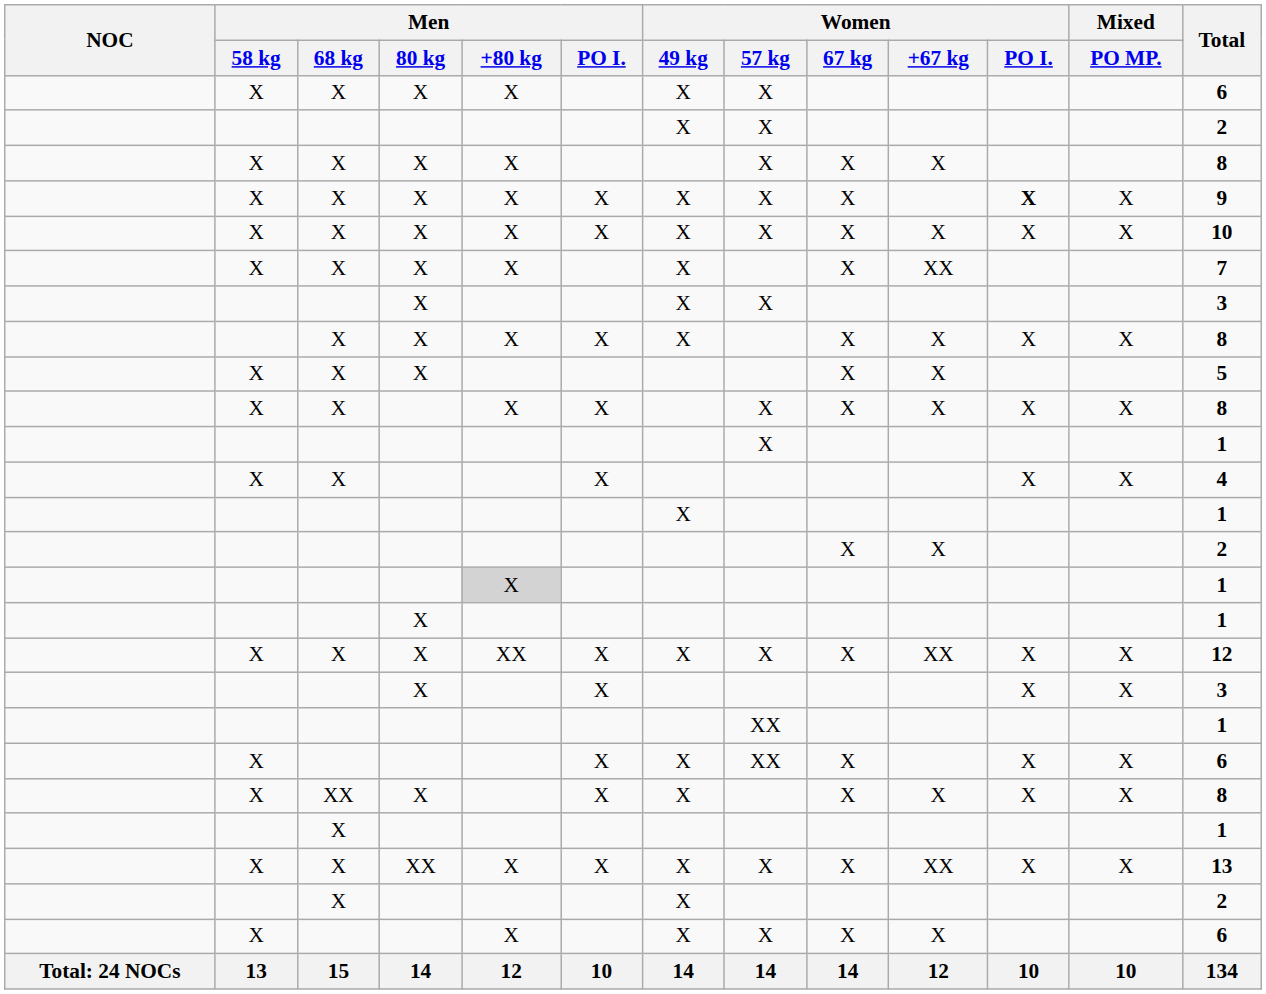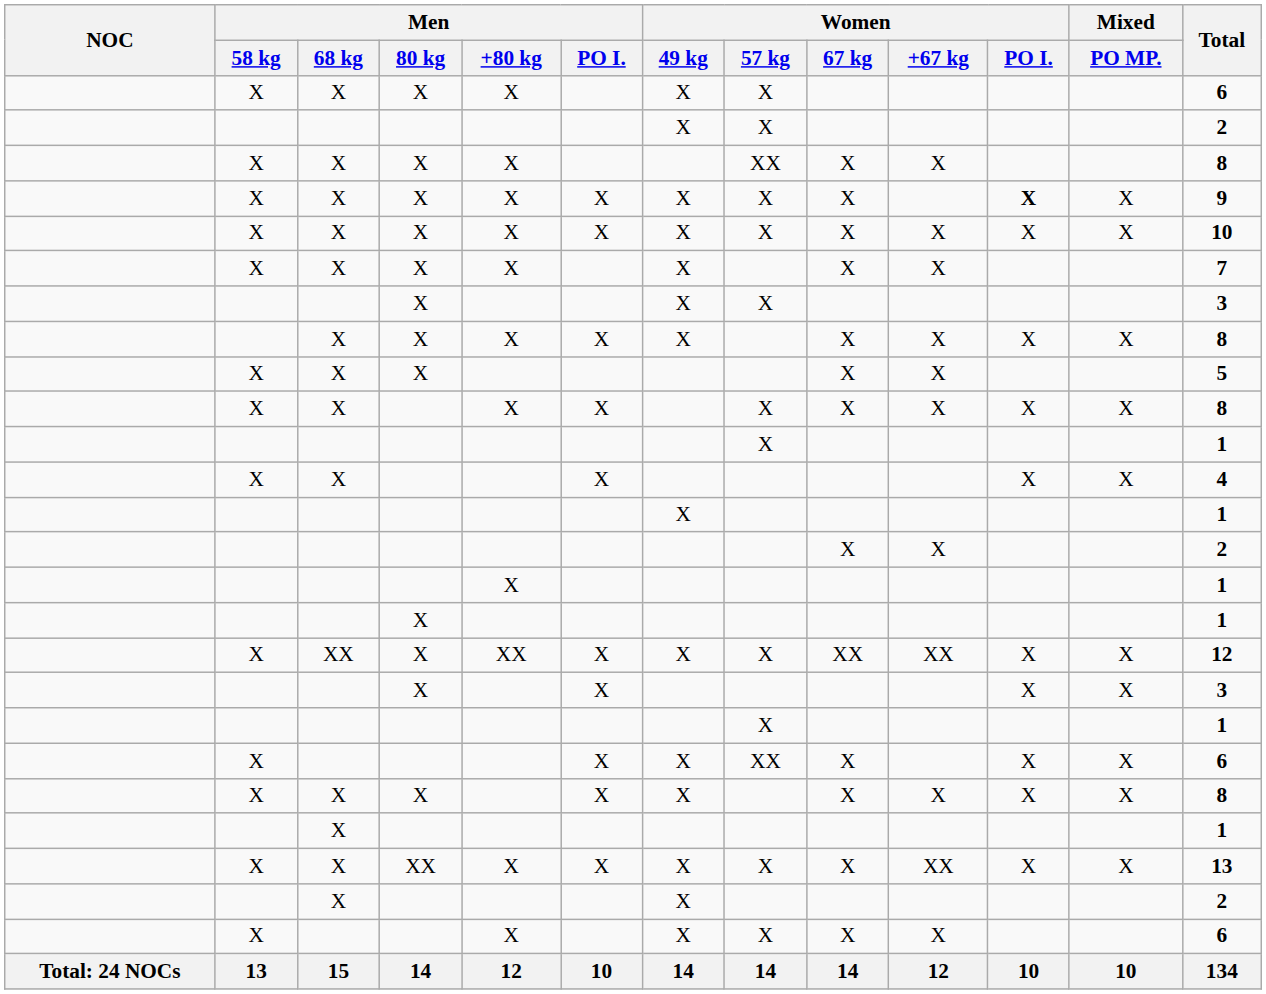 <table class="wikitable" width=850 style="text-align:center; font-size:90%">
 <tr>
 <th rowspan="2" align="left">NOC</th>
 <th colspan="5">Men</th>
 <th colspan="5">Women</th>
 <th colspan="1">Mixed</th>
 <th rowspan="2">Total</th>
 </tr>
 <tr>
 <th><a href='#'>58 kg</a></th>
 <th><a href='#'>68 kg</a></th>
 <th><a href='#'>80 kg</a></th>
 <th><a href='#'>+80 kg</a></th>
 <th><a href='#'>PO I.</a></th>
 <th><a href='#'>49 kg</a></th>
 <th><a href='#'>57 kg</a></th>
 <th><a href='#'>67 kg</a></th>
 <th><a href='#'>+67 kg</a></th>
 <th><a href='#'>PO I.</a></th>
 <th><a href='#'>PO MP.</a></th>
 </tr>
 <tr>
 <td align="left"></td>
 <td>X</td>
 <td>X</td>
 <td>X</td>
 <td>X</td>
 <td></td>
 <td>X</td>
 <td>X</td>
 <td></td>
 <td></td>
 <td></td>
 <td></td>
 <td><strong>6</strong></td>
 </tr>
 <tr>
 <td align="left"></td>
 <td></td>
 <td></td>
 <td></td>
 <td></td>
 <td></td>
 <td>X</td>
 <td>X</td>
 <td></td>
 <td></td>
 <td></td>
 <td></td>
 <td><strong>2</strong></td>
 </tr>
 <tr>
 <td align="left"></td>
 <td>X</td>
 <td>X</td>
 <td>X</td>
 <td>X</td>
 <td></td>
 <td></td>
-<td>X</td>
+<td>XX</td>
 <td>X</td>
 <td>X</td>
 <td></td>
 <td></td>
 <td><strong>8</strong></td>
 </tr>
 <tr>
 <td align="left"></td>
 <td>X</td>
 <td>X</td>
 <td>X</td>
 <td>X</td>
 <td>X</td>
 <td>X</td>
 <td>X</td>
 <td>X</td>
 <td></td>
 <td><strong>X</strong></td>
 <td>X</td>
 <td><strong>9</strong></td>
 </tr>
 <tr>
 <td align="left"></td>
 <td>X</td>
 <td>X</td>
 <td>X</td>
 <td>X</td>
 <td>X</td>
 <td>X</td>
 <td>X</td>
 <td>X</td>
 <td>X</td>
 <td>X</td>
 <td>X</td>
 <td><strong>10</strong></td>
 </tr>
 <tr>
 <td align="left"></td>
 <td>X</td>
 <td>X</td>
 <td>X</td>
 <td>X</td>
 <td></td>
 <td>X</td>
 <td></td>
 <td>X</td>
-<td>XX</td>
+<td>X</td>
 <td></td>
 <td></td>
 <td><strong>7</strong></td>
 </tr>
 <tr>
 <td align="left"></td>
 <td></td>
 <td></td>
 <td>X</td>
 <td></td>
 <td></td>
 <td>X</td>
 <td>X</td>
 <td></td>
 <td></td>
 <td></td>
 <td></td>
 <td><strong>3</strong></td>
 </tr>
 <tr>
 <td align="left"></td>
 <td></td>
 <td>X</td>
 <td>X</td>
 <td>X</td>
 <td>X</td>
 <td>X</td>
 <td></td>
 <td>X</td>
 <td>X</td>
 <td>X</td>
 <td>X</td>
 <td><strong>8</strong></td>
 </tr>
 <tr>
 <td align="left"></td>
 <td>X</td>
 <td>X</td>
 <td>X</td>
 <td></td>
 <td></td>
 <td></td>
 <td></td>
 <td>X</td>
 <td>X</td>
 <td></td>
 <td></td>
 <td><strong>5</strong></td>
 </tr>
 <tr>
 <td align="left"></td>
 <td>X</td>
 <td>X</td>
 <td></td>
 <td>X</td>
 <td>X</td>
 <td></td>
 <td>X</td>
 <td>X</td>
 <td>X</td>
 <td>X</td>
 <td>X</td>
 <td><strong>8</strong></td>
 </tr>
 <tr>
 <td align="left"></td>
 <td></td>
 <td></td>
 <td></td>
 <td></td>
 <td></td>
 <td></td>
 <td>X</td>
 <td></td>
 <td></td>
 <td></td>
 <td></td>
 <td><strong>1</strong></td>
 </tr>
 <tr>
 <td align="left"></td>
 <td>X</td>
 <td>X</td>
 <td></td>
 <td></td>
 <td>X</td>
 <td></td>
 <td></td>
 <td></td>
 <td></td>
 <td>X</td>
 <td>X</td>
 <td><strong>4</strong></td>
 </tr>
 <tr>
 <td align="left"></td>
 <td></td>
 <td></td>
 <td></td>
 <td></td>
 <td></td>
 <td>X</td>
 <td></td>
 <td></td>
 <td></td>
 <td></td>
 <td></td>
 <td><strong>1</strong></td>
 </tr>
 <tr>
 <td align="left"></td>
 <td></td>
 <td></td>
 <td></td>
 <td></td>
 <td></td>
 <td></td>
 <td></td>
 <td>X</td>
 <td>X</td>
 <td></td>
 <td></td>
 <td><strong>2</strong></td>
 </tr>
 <tr>
 <td align="left"></td>
 <td></td>
 <td></td>
 <td></td>
-<td style="background: lightgrey;">X</td>
+<td>X</td>
 <td></td>
 <td></td>
 <td></td>
 <td></td>
 <td></td>
 <td></td>
 <td></td>
 <td><strong>1</strong></td>
 </tr>
 <tr>
 <td align="left"></td>
 <td></td>
 <td></td>
 <td>X</td>
 <td></td>
 <td></td>
 <td></td>
 <td></td>
 <td></td>
 <td></td>
 <td></td>
 <td></td>
 <td><strong>1</strong></td>
 </tr>
 <tr>
 <td align="left"></td>
 <td>X</td>
-<td>X</td>
+<td>XX</td>
 <td>X</td>
 <td>XX</td>
 <td>X</td>
 <td>X</td>
 <td>X</td>
-<td>X</td>
+<td>XX</td>
 <td>XX</td>
 <td>X</td>
 <td>X</td>
 <td><strong>12</strong></td>
 </tr>
 <tr>
 <td align="left"></td>
 <td></td>
 <td></td>
 <td>X</td>
 <td></td>
 <td>X</td>
 <td></td>
 <td></td>
 <td></td>
 <td></td>
 <td>X</td>
 <td>X</td>
 <td><strong>3</strong></td>
 </tr>
 <tr>
 <td align="left"></td>
 <td></td>
 <td></td>
 <td></td>
 <td></td>
 <td></td>
 <td></td>
-<td>XX</td>
+<td>X</td>
 <td></td>
 <td></td>
 <td></td>
 <td></td>
 <td><strong>1</strong></td>
 </tr>
 <tr>
 <td align="left"></td>
 <td>X</td>
 <td></td>
 <td></td>
 <td></td>
 <td>X</td>
 <td>X</td>
 <td>XX</td>
 <td>X</td>
 <td></td>
 <td>X</td>
 <td>X</td>
 <td><strong>6</strong></td>
 </tr>
 <tr>
 <td align="left"></td>
 <td>X</td>
-<td>XX</td>
+<td>X</td>
 <td>X</td>
 <td></td>
 <td>X</td>
 <td>X</td>
 <td></td>
 <td>X</td>
 <td>X</td>
 <td>X</td>
 <td>X</td>
 <td><strong>8</strong></td>
 </tr>
 <tr>
 <td align="left"></td>
 <td></td>
 <td>X</td>
 <td></td>
 <td></td>
 <td></td>
 <td></td>
 <td></td>
 <td></td>
 <td></td>
 <td></td>
 <td></td>
 <td><strong>1</strong></td>
 </tr>
 <tr>
 <td align="left"></td>
 <td>X</td>
 <td>X</td>
 <td>XX</td>
 <td>X</td>
 <td>X</td>
 <td>X</td>
 <td>X</td>
 <td>X</td>
 <td>XX</td>
 <td>X</td>
 <td>X</td>
 <td><strong>13</strong></td>
 </tr>
 <tr>
 <td align="left"></td>
 <td></td>
 <td>X</td>
 <td></td>
 <td></td>
 <td></td>
 <td>X</td>
 <td></td>
 <td></td>
 <td></td>
 <td></td>
 <td></td>
 <td><strong>2</strong></td>
 </tr>
 <tr>
 <td align="left"></td>
 <td>X</td>
 <td></td>
 <td></td>
 <td>X</td>
 <td></td>
 <td>X</td>
 <td>X</td>
 <td>X</td>
 <td>X</td>
 <td></td>
 <td></td>
 <td><strong>6</strong></td>
 </tr>
 <tr>
 <th>Total: 24 NOCs</th>
 <th>13</th>
 <th>15</th>
 <th>14</th>
 <th>12</th>
 <th>10</th>
 <th>14</th>
 <th>14</th>
 <th>14</th>
 <th>12</th>
 <th>10</th>
 <th>10</th>
 <th>134</th>
 </tr>
 </table>
